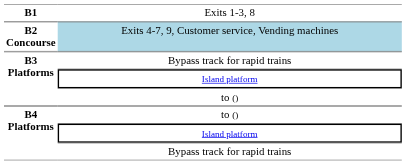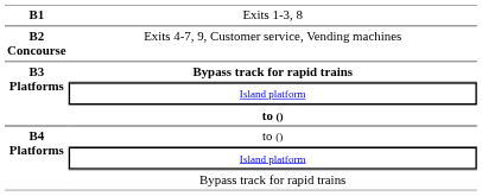 <table table border=0 cellspacing=0 cellpadding=3>
 <tr>
 <td style="border-bottom:solid 1px gray; border-top:solid 1px gray;text-align:center" valign=top><strong>B1</strong></td>
 <td style="border-bottom:solid 1px gray; border-top:solid 1px gray;text-align:center;" valign=top width=500>Exits 1-3, 8</td>
 </tr>
 <tr>
 <td style="border-bottom:solid 1px gray; border-top:solid 1px gray;text-align:center" valign=top><strong>B2<br>Concourse</strong></td>
-<td style="background: lightblue; border-bottom:solid 1px gray; border-top:solid 1px gray;text-align:center;" valign=top width=500>Exits 4-7, 9, Customer service, Vending machines</td>
+<td style="border-bottom:solid 1px gray; border-top:solid 1px gray;text-align:center;" valign=top width=500>Exits 4-7, 9, Customer service, Vending machines</td>
 </tr>
 <tr>
 <td style="border-bottom:solid 1px gray; border-top:solid 1px gray;text-align:center" rowspan="3" valign=top><strong>B3<br>Platforms</strong></td>
-<td style="border-bottom:solid 1px gray; border-top:solid 1px gray;text-align:center"> Bypass track for  rapid trains</td>
+<td style="border-bottom:solid 1px gray; border-top:solid 1px gray;text-align:center"><strong> Bypass track for  rapid trains</strong></td>
 </tr>
 <tr>
 <td style="border-right:solid 2px black;border-left:solid 2px black;border-top:solid 2px black;border-bottom:solid 2px black;text-align:center;" colspan=2><small><a href='#'>Island platform</a></small></td>
 </tr>
 <tr>
-<td style="border-bottom:solid 1px gray; border-top:solid 1px gray;text-align:center">  to  <small>()</small></td>
+<td style="border-bottom:solid 1px gray; border-top:solid 1px gray;text-align:center"><strong>  to  <small>()</small></strong></td>
 </tr>
 <tr>
 <td style="border-bottom:solid 1px gray; border-top:solid 1px gray;text-align:center" rowspan="3" valign=top><strong>B4<br>Platforms</strong></td>
 <td style="border-bottom:solid 1px gray; border-top:solid 1px gray;text-align:center"> to  <small>()</small> </td>
 </tr>
 <tr>
 <td style="border-right:solid 2px black;border-left:solid 2px black;border-top:solid 2px black;border-bottom:solid 2px black;text-align:center;" colspan=2><small><a href='#'>Island platform</a></small></td>
 </tr>
 <tr>
 <td style="border-bottom:solid 1px gray; border-top:solid 1px gray;text-align:center">Bypass track for  rapid trains </td>
 </tr>
 </table>
